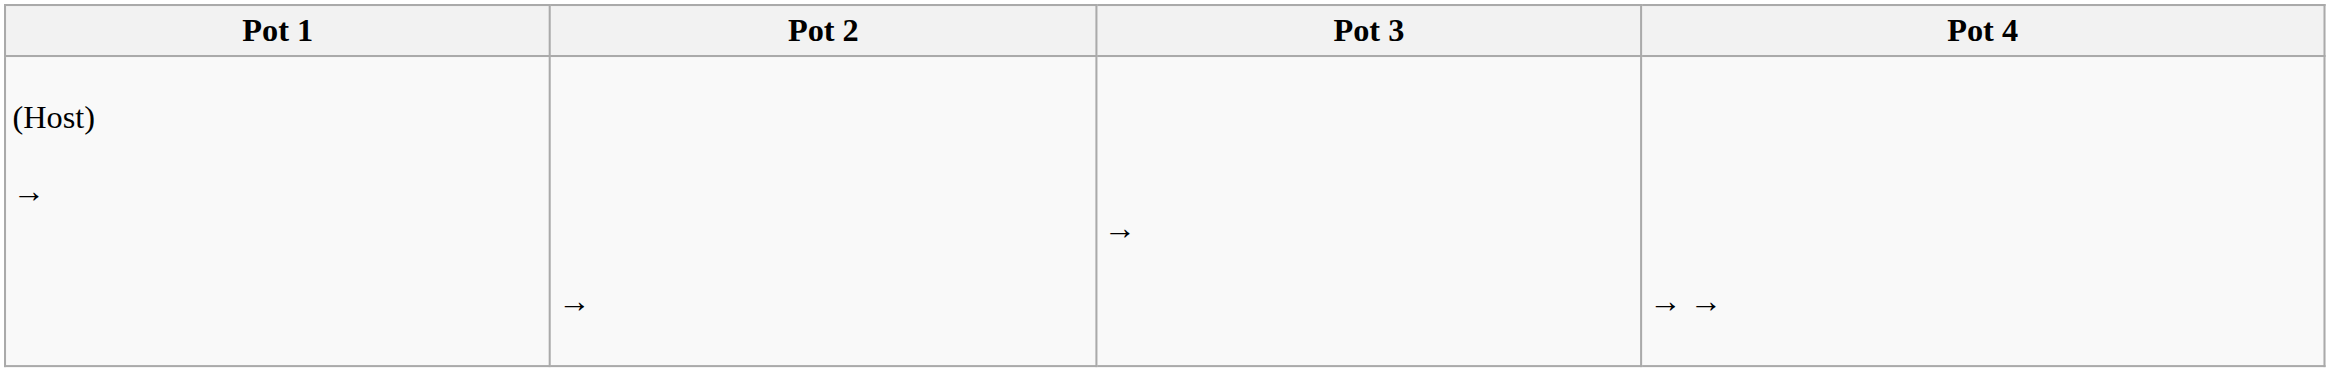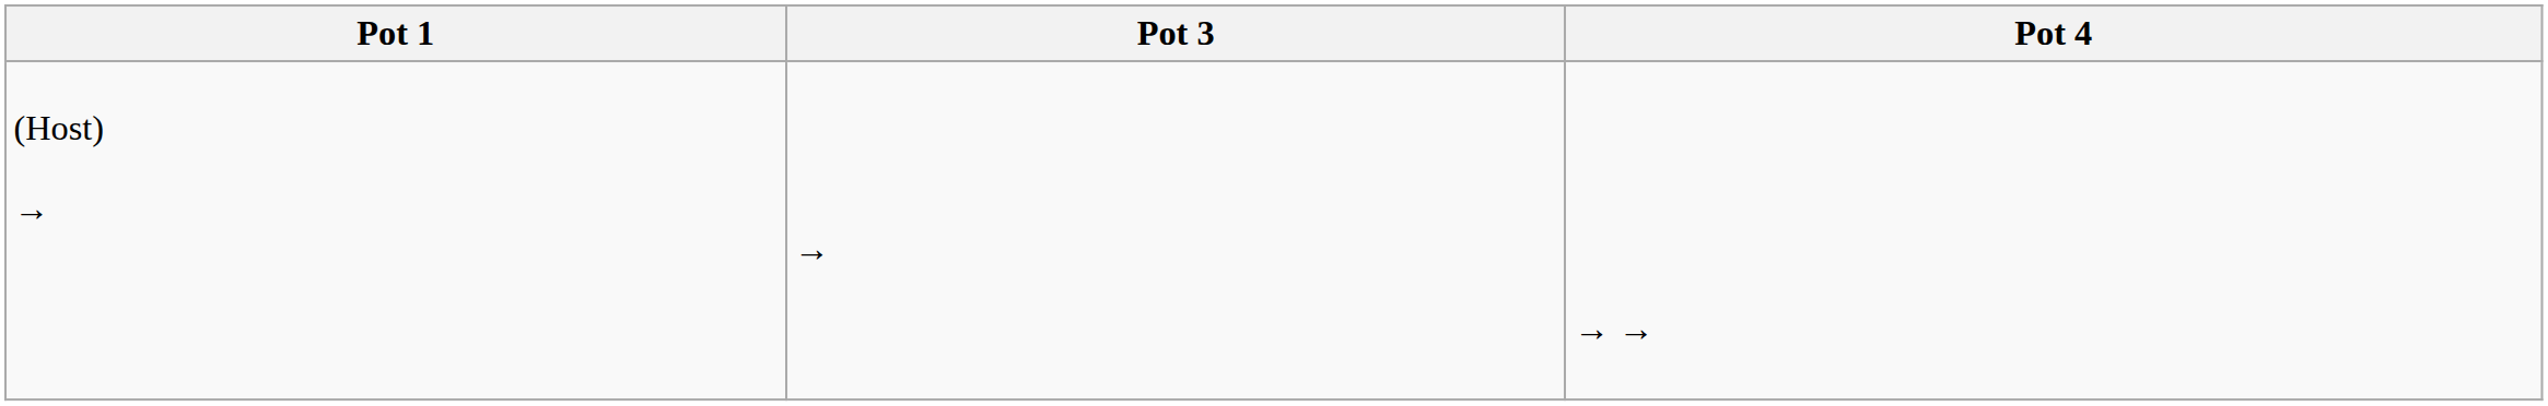 <table class="wikitable" style="font-size:99%; text-align:left;" width="90%">
 <tr>
 <th width="20%">Pot 1</th>
-<th width="20%">Pot 2</th>
 <th width="20%">Pot 3</th>
 <th width="25%">Pot 4</th>
 </tr>
 <tr>
 <td valign="top"><br> (Host)<br> <br> <s></s> → <br> <br> <br> <br> <br> </td>
-<td valign="top"><br><br> <br> <br> <br> <br> <s></s> → <br> <br> </td>
 <td valign="top"><br><br> <br> <br> <s></s> → <br> <br> <br> <br> </td>
 <td valign="top"><br><br> <br> <br> <br> <br> <s></s> → <s></s> → <br> <br> </td>
 </tr>
 </table>
